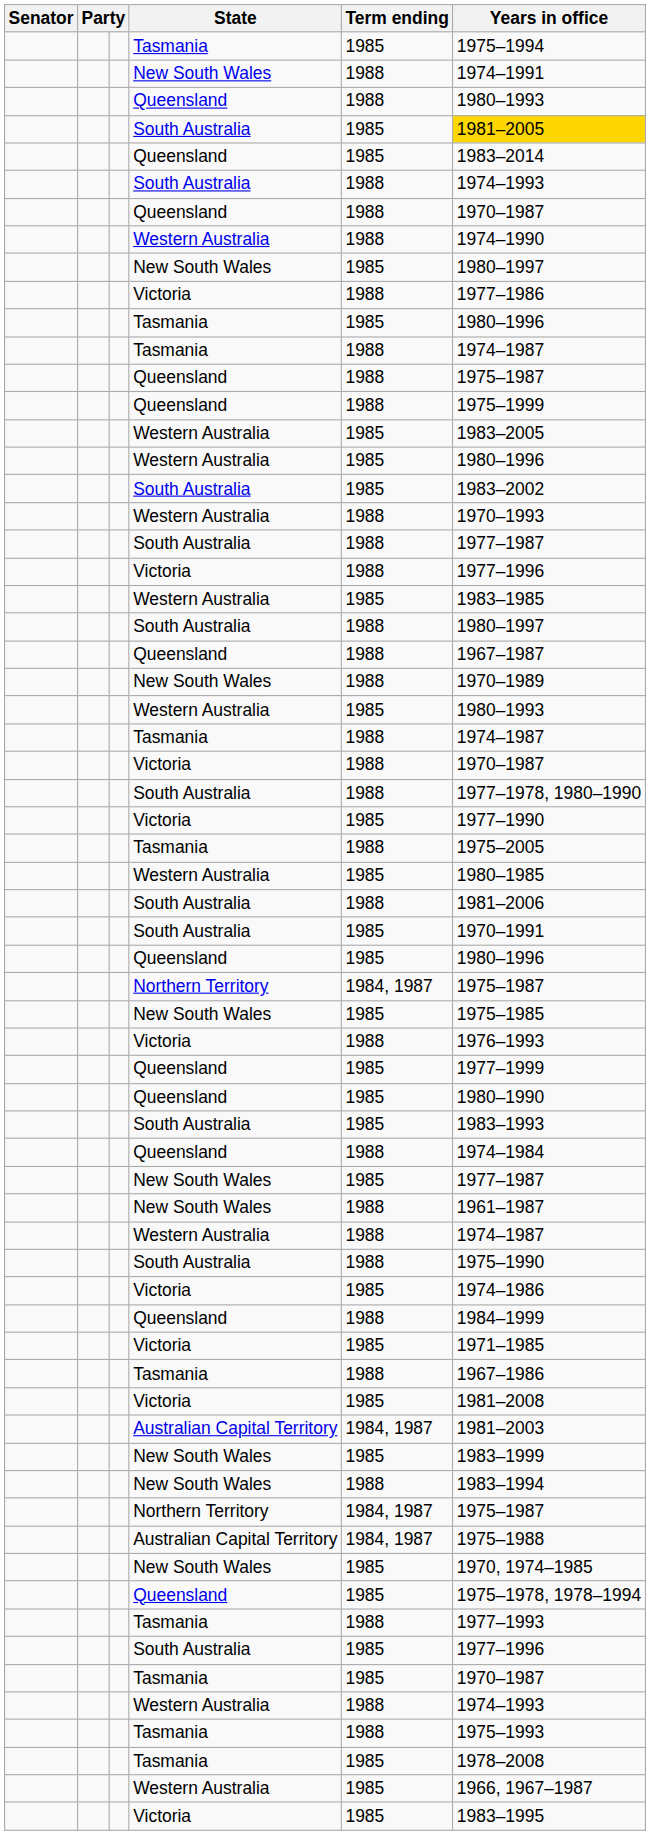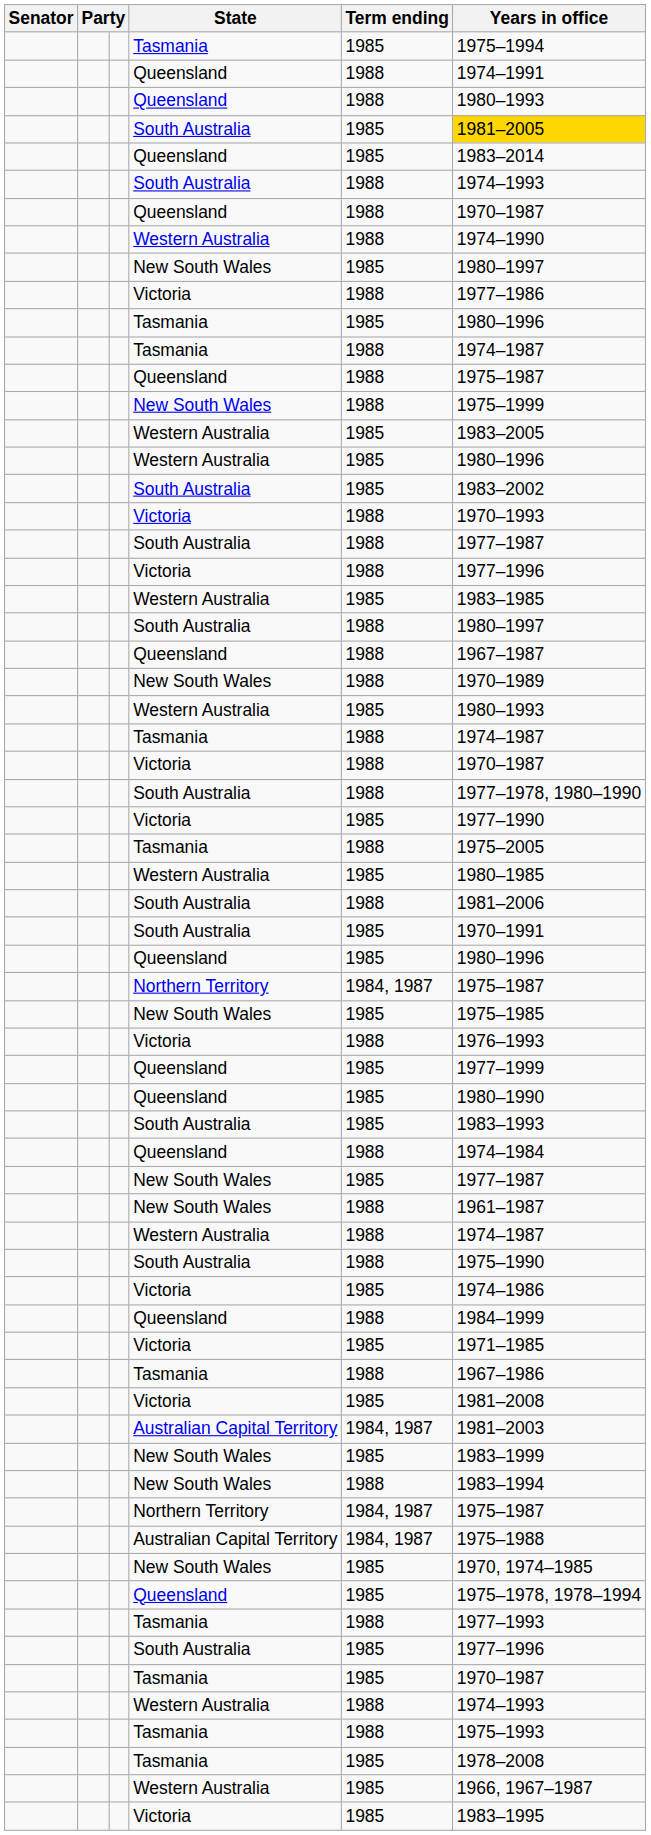 <table class="wikitable sortable">
 <tr>
 <th>Senator</th>
 <th colspan=2>Party</th>
 <th>State</th>
 <th>Term ending</th>
 <th>Years in office</th>
 </tr>
 <tr>
 <td></td>
 <td> </td>
 <td></td>
 <td><a href='#'>Tasmania</a></td>
 <td>1985</td>
 <td>1975–1994</td>
 </tr>
 <tr>
 <td></td>
 <td> </td>
 <td></td>
-<td><a href='#'>New South Wales</a></td>
+<td>Queensland</td>
 <td>1988</td>
 <td>1974–1991</td>
 </tr>
 <tr>
 <td></td>
 <td> </td>
 <td></td>
 <td><a href='#'>Queensland</a></td>
 <td>1988</td>
 <td>1980–1993</td>
 </tr>
 <tr>
 <td></td>
 <td> </td>
 <td></td>
 <td><a href='#'>South Australia</a></td>
 <td>1985</td>
 <td style="background: gold;">1981–2005</td>
 </tr>
 <tr>
 <td></td>
 <td> </td>
 <td></td>
 <td>Queensland</td>
 <td>1985</td>
 <td>1983–2014</td>
 </tr>
 <tr>
 <td></td>
 <td> </td>
 <td></td>
 <td><a href='#'>South Australia</a></td>
 <td>1988</td>
 <td>1974–1993</td>
 </tr>
 <tr>
 <td></td>
 <td> </td>
 <td></td>
 <td>Queensland</td>
 <td>1988</td>
 <td>1970–1987</td>
 </tr>
 <tr>
 <td></td>
 <td> </td>
 <td></td>
 <td><a href='#'>Western Australia</a></td>
 <td>1988</td>
 <td>1974–1990</td>
 </tr>
 <tr>
 <td></td>
 <td> </td>
 <td></td>
 <td>New South Wales</td>
 <td>1985</td>
 <td>1980–1997</td>
 </tr>
 <tr>
 <td></td>
 <td> </td>
 <td></td>
 <td>Victoria</td>
 <td>1988</td>
 <td>1977–1986</td>
 </tr>
 <tr>
 <td></td>
 <td> </td>
 <td></td>
 <td>Tasmania</td>
 <td>1985</td>
 <td>1980–1996</td>
 </tr>
 <tr>
 <td></td>
 <td> </td>
 <td></td>
 <td>Tasmania</td>
 <td>1988</td>
 <td>1974–1987</td>
 </tr>
 <tr>
 <td></td>
 <td> </td>
 <td></td>
 <td>Queensland</td>
 <td>1988</td>
 <td>1975–1987</td>
 </tr>
 <tr>
 <td></td>
 <td> </td>
 <td></td>
-<td>Queensland</td>
+<td><a href='#'>New South Wales</a></td>
 <td>1988</td>
 <td>1975–1999</td>
 </tr>
 <tr>
 <td></td>
 <td> </td>
 <td></td>
 <td>Western Australia</td>
 <td>1985</td>
 <td>1983–2005</td>
 </tr>
 <tr>
 <td></td>
 <td> </td>
 <td></td>
 <td>Western Australia</td>
 <td>1985</td>
 <td>1980–1996</td>
 </tr>
 <tr>
 <td></td>
 <td> </td>
 <td></td>
 <td><a href='#'>South Australia</a></td>
 <td>1985</td>
 <td>1983–2002</td>
 </tr>
 <tr>
 <td></td>
 <td> </td>
 <td></td>
-<td>Western Australia</td>
+<td><a href='#'>Victoria</a></td>
 <td>1988</td>
 <td>1970–1993</td>
 </tr>
 <tr>
 <td></td>
 <td> </td>
 <td></td>
 <td>South Australia</td>
 <td>1988</td>
 <td>1977–1987</td>
 </tr>
 <tr>
 <td></td>
 <td> </td>
 <td></td>
 <td>Victoria</td>
 <td>1988</td>
 <td>1977–1996</td>
 </tr>
 <tr>
 <td></td>
 <td> </td>
 <td></td>
 <td>Western Australia</td>
 <td>1985</td>
 <td>1983–1985</td>
 </tr>
 <tr>
 <td></td>
 <td> </td>
 <td></td>
 <td>South Australia</td>
 <td>1988</td>
 <td>1980–1997</td>
 </tr>
 <tr>
 <td></td>
 <td> </td>
 <td></td>
 <td>Queensland</td>
 <td>1988</td>
 <td>1967–1987</td>
 </tr>
 <tr>
 <td></td>
 <td> </td>
 <td></td>
 <td>New South Wales</td>
 <td>1988</td>
 <td>1970–1989</td>
 </tr>
 <tr>
 <td></td>
 <td> </td>
 <td></td>
 <td>Western Australia</td>
 <td>1985</td>
 <td>1980–1993</td>
 </tr>
 <tr>
 <td></td>
 <td> </td>
 <td></td>
 <td>Tasmania</td>
 <td>1988</td>
 <td>1974–1987</td>
 </tr>
 <tr>
 <td></td>
 <td> </td>
 <td></td>
 <td>Victoria</td>
 <td>1988</td>
 <td>1970–1987</td>
 </tr>
 <tr>
 <td></td>
 <td> </td>
 <td></td>
 <td>South Australia</td>
 <td>1988</td>
 <td>1977–1978, 1980–1990</td>
 </tr>
 <tr>
 <td></td>
 <td> </td>
 <td></td>
 <td>Victoria</td>
 <td>1985</td>
 <td>1977–1990</td>
 </tr>
 <tr>
 <td></td>
 <td> </td>
 <td></td>
 <td>Tasmania</td>
 <td>1988</td>
 <td>1975–2005</td>
 </tr>
 <tr>
 <td></td>
 <td> </td>
 <td></td>
 <td>Western Australia</td>
 <td>1985</td>
 <td>1980–1985</td>
 </tr>
 <tr>
 <td></td>
 <td> </td>
 <td></td>
 <td>South Australia</td>
 <td>1988</td>
 <td>1981–2006</td>
 </tr>
 <tr>
 <td></td>
 <td> </td>
 <td></td>
 <td>South Australia</td>
 <td>1985</td>
 <td>1970–1991</td>
 </tr>
 <tr>
 <td></td>
 <td> </td>
 <td></td>
 <td>Queensland</td>
 <td>1985</td>
 <td>1980–1996</td>
 </tr>
 <tr>
 <td></td>
 <td> </td>
 <td></td>
 <td><a href='#'>Northern Territory</a></td>
 <td>1984, 1987 </td>
 <td>1975–1987</td>
 </tr>
 <tr>
 <td></td>
 <td> </td>
 <td></td>
 <td>New South Wales</td>
 <td>1985</td>
 <td>1975–1985</td>
 </tr>
 <tr>
 <td></td>
 <td> </td>
 <td></td>
 <td>Victoria</td>
 <td>1988</td>
 <td>1976–1993</td>
 </tr>
 <tr>
 <td></td>
 <td> </td>
 <td></td>
 <td>Queensland</td>
 <td>1985</td>
 <td>1977–1999</td>
 </tr>
 <tr>
 <td></td>
 <td> </td>
 <td></td>
 <td>Queensland</td>
 <td>1985</td>
 <td>1980–1990</td>
 </tr>
 <tr>
 <td></td>
 <td> </td>
 <td></td>
 <td>South Australia</td>
 <td>1985</td>
 <td>1983–1993</td>
 </tr>
 <tr>
 <td> </td>
 <td> </td>
 <td></td>
 <td>Queensland</td>
 <td>1988</td>
 <td>1974–1984</td>
 </tr>
 <tr>
 <td></td>
 <td> </td>
 <td></td>
 <td>New South Wales</td>
 <td>1985</td>
 <td>1977–1987</td>
 </tr>
 <tr>
 <td> </td>
 <td> </td>
 <td></td>
 <td>New South Wales</td>
 <td>1988</td>
 <td>1961–1987</td>
 </tr>
 <tr>
 <td></td>
 <td> </td>
 <td></td>
 <td>Western Australia</td>
 <td>1988</td>
 <td>1974–1987</td>
 </tr>
 <tr>
 <td></td>
 <td> </td>
 <td></td>
 <td>South Australia</td>
 <td>1988</td>
 <td>1975–1990</td>
 </tr>
 <tr>
 <td></td>
 <td> </td>
 <td></td>
 <td>Victoria</td>
 <td>1985</td>
 <td>1974–1986</td>
 </tr>
 <tr>
 <td> </td>
 <td> </td>
 <td></td>
 <td>Queensland</td>
 <td>1988</td>
 <td>1984–1999</td>
 </tr>
 <tr>
 <td></td>
 <td> </td>
 <td></td>
 <td>Victoria</td>
 <td>1985</td>
 <td>1971–1985</td>
 </tr>
 <tr>
 <td></td>
 <td> </td>
 <td></td>
 <td>Tasmania</td>
 <td>1988</td>
 <td>1967–1986</td>
 </tr>
 <tr>
 <td></td>
 <td> </td>
 <td></td>
 <td>Victoria</td>
 <td>1985</td>
 <td>1981–2008</td>
 </tr>
 <tr>
 <td></td>
 <td> </td>
 <td></td>
 <td><a href='#'>Australian Capital Territory</a></td>
 <td>1984, 1987 </td>
 <td>1981–2003</td>
 </tr>
 <tr>
 <td></td>
 <td> </td>
 <td></td>
 <td>New South Wales</td>
 <td>1985</td>
 <td>1983–1999</td>
 </tr>
 <tr>
 <td></td>
 <td> </td>
 <td></td>
 <td>New South Wales</td>
 <td>1988</td>
 <td>1983–1994</td>
 </tr>
 <tr>
 <td></td>
 <td> </td>
 <td></td>
 <td>Northern Territory</td>
 <td>1984, 1987 </td>
 <td>1975–1987</td>
 </tr>
 <tr>
 <td></td>
 <td> </td>
 <td></td>
 <td>Australian Capital Territory</td>
 <td>1984, 1987 </td>
 <td>1975–1988</td>
 </tr>
 <tr>
 <td></td>
 <td> </td>
 <td></td>
 <td>New South Wales</td>
 <td>1985</td>
 <td>1970, 1974–1985</td>
 </tr>
 <tr>
 <td></td>
 <td> </td>
 <td></td>
 <td><a href='#'>Queensland</a></td>
 <td>1985</td>
 <td>1975–1978, 1978–1994</td>
 </tr>
 <tr>
 <td></td>
 <td> </td>
 <td></td>
 <td>Tasmania</td>
 <td>1988</td>
 <td>1977–1993</td>
 </tr>
 <tr>
 <td></td>
 <td> </td>
 <td></td>
 <td>South Australia</td>
 <td>1985</td>
 <td>1977–1996</td>
 </tr>
 <tr>
 <td></td>
 <td> </td>
 <td></td>
 <td>Tasmania</td>
 <td>1985</td>
 <td>1970–1987</td>
 </tr>
 <tr>
 <td></td>
 <td> </td>
 <td></td>
 <td>Western Australia</td>
 <td>1988</td>
 <td>1974–1993</td>
 </tr>
 <tr>
 <td></td>
 <td> </td>
 <td></td>
 <td>Tasmania</td>
 <td>1988</td>
 <td>1975–1993</td>
 </tr>
 <tr>
 <td></td>
 <td> </td>
 <td></td>
 <td>Tasmania</td>
 <td>1985</td>
 <td>1978–2008</td>
 </tr>
 <tr>
 <td></td>
 <td> </td>
 <td></td>
 <td>Western Australia</td>
 <td>1985</td>
 <td>1966, 1967–1987</td>
 </tr>
 <tr>
 <td></td>
 <td> </td>
 <td></td>
 <td>Victoria</td>
 <td>1985</td>
 <td>1983–1995</td>
 </tr>
 </table>
